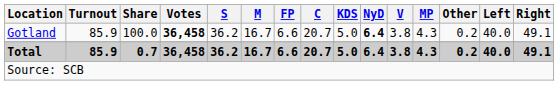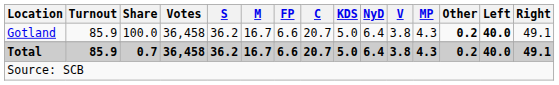 <table class="wikitable sortable" style=text-align:right>
 <tr>
 <th>Location</th>
 <th>Turnout</th>
 <th>Share</th>
 <th>Votes</th>
 <th><a href='#'>S</a></th>
 <th><a href='#'>M</a></th>
 <th><a href='#'>FP</a></th>
 <th><a href='#'>C</a></th>
 <th><a href='#'>KDS</a></th>
 <th><a href='#'>NyD</a></th>
 <th><a href='#'>V</a></th>
 <th><a href='#'>MP</a></th>
 <th>Other</th>
 <th>Left</th>
 <th>Right</th>
 </tr>
 <tr>
 <td align=left><a href='#'>Gotland</a></td>
 <td>85.9</td>
 <td>100.0</td>
-<td><strong>36,458</strong></td>
+<td>36,458</td>
 <td>36.2</td>
 <td>16.7</td>
 <td>6.6</td>
 <td>20.7</td>
 <td>5.0</td>
-<td><strong>6.4</strong></td>
+<td>6.4</td>
 <td>3.8</td>
 <td>4.3</td>
-<td>0.2</td>
-<td>40.0</td>
+<td><strong>0.2</strong></td>
+<td><strong>40.0</strong></td>
 <td>49.1</td>
 </tr>
 <tr>
 </tr>
 <tr style="background:#CDCDCD;">
 <td align=left><strong>Total</strong></td>
 <td><strong>85.9</strong></td>
 <td><strong>0.7</strong></td>
 <td><strong>36,458</strong></td>
 <td><strong>36.2</strong></td>
 <td><strong>16.7</strong></td>
 <td><strong>6.6</strong></td>
 <td><strong>20.7</strong></td>
 <td><strong>5.0</strong></td>
 <td><strong>6.4</strong></td>
 <td><strong>3.8</strong></td>
 <td><strong>4.3</strong></td>
 <td><strong>0.2</strong></td>
 <td><strong>40.0</strong></td>
 <td><strong>49.1</strong></td>
 </tr>
 <tr>
 <td align=left colspan=15>Source: SCB </td>
 </tr>
 </table>
